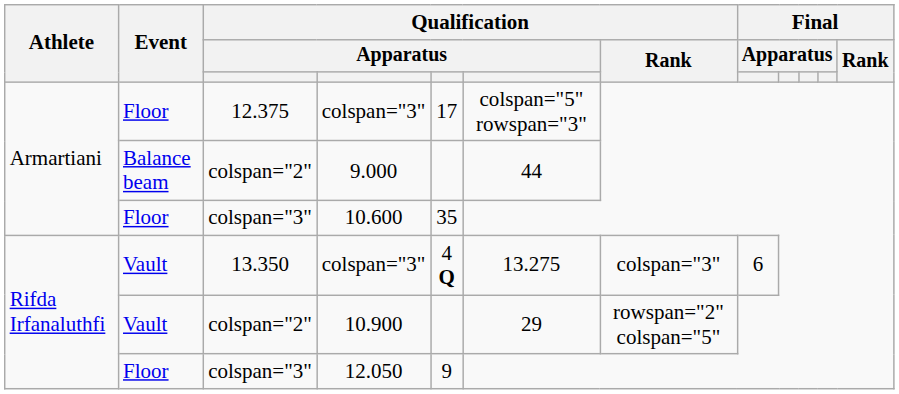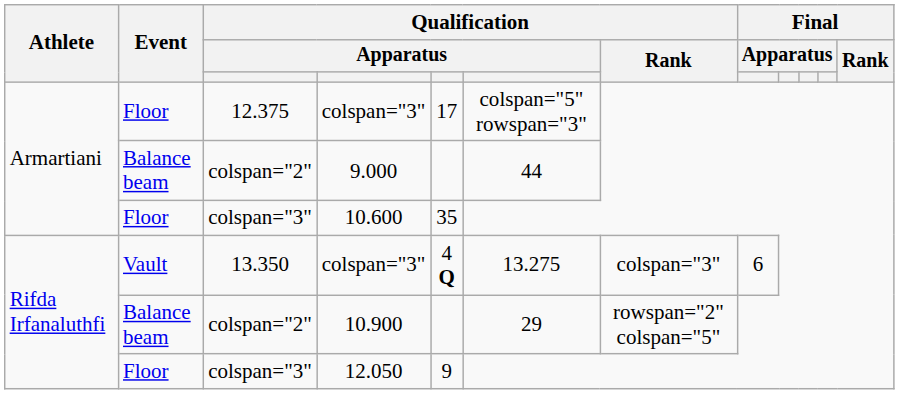 <table class=wikitable style=font-size:90%;text-align:center>
 <tr>
 <th rowspan=3>Athlete</th>
 <th rowspan=3>Event</th>
 <th colspan=5>Qualification</th>
 <th colspan=6>Final</th>
 </tr>
 <tr style=font-size:95%>
 <th colspan=4>Apparatus</th>
 <th rowspan=2>Rank</th>
 <th colspan=4>Apparatus</th>
 <th rowspan=2>Rank</th>
 </tr>
 <tr style=font-size:95%>
 <th></th>
 <th></th>
 <th></th>
 <th></th>
 <th></th>
 <th></th>
 <th></th>
 <th></th>
 </tr>
 <tr>
 <td align="left" rowspan="3">Armartiani</td>
 <td align="left"><a href='#'>Floor</a></td>
 <td>12.375</td>
 <td>colspan="3" </td>
 <td>17</td>
 <td>colspan="5" rowspan="3" </td>
 </tr>
 <tr>
 <td align="left"><a href='#'>Balance beam</a></td>
 <td>colspan="2" </td>
 <td>9.000</td>
 <td></td>
 <td>44</td>
 </tr>
 <tr>
 <td align="left"><a href='#'>Floor</a></td>
 <td>colspan="3" </td>
 <td>10.600</td>
 <td>35</td>
 </tr>
 <tr>
 <td align="left" rowspan="3"><a href='#'>Rifda Irfanaluthfi</a></td>
 <td align="left"><a href='#'>Vault</a></td>
 <td>13.350</td>
 <td>colspan="3" </td>
 <td>4 <strong>Q</strong></td>
 <td>13.275</td>
 <td>colspan="3" </td>
 <td>6</td>
 </tr>
 <tr>
-<td align="left"><a href='#'>Vault</a></td>
+<td align="left"><a href='#'>Balance beam</a></td>
 <td>colspan="2" </td>
 <td>10.900</td>
 <td></td>
 <td>29</td>
 <td>rowspan="2" colspan="5" </td>
 </tr>
 <tr>
 <td align="left"><a href='#'>Floor</a></td>
 <td>colspan="3" </td>
 <td>12.050</td>
 <td>9</td>
 </tr>
 </table>
